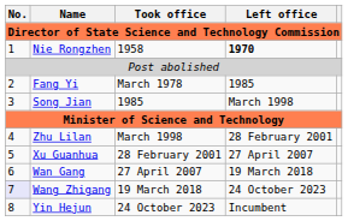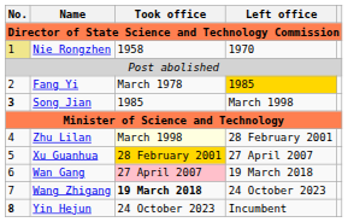 <table class="wikitable">
 <tr>
 <th>No.</th>
 <th>Name</th>
 <th>Took office</th>
 <th>Left office</th>
 <th></th>
 </tr>
 <tr>
 <td colspan="5" bgcolor="coral" align="center"><strong>Director of State Science and Technology Commission</strong></td>
 </tr>
 <tr>
-<td>1</td>
+<td style="background: khaki;">1</td>
 <td><a href='#'>Nie Rongzhen</a></td>
 <td>1958</td>
-<td><strong>1970</strong></td>
+<td>1970</td>
 <td></td>
 </tr>
 <tr>
 <td colspan="5" bgcolor="lightgrey" align="center"><em>Post abolished</em></td>
 </tr>
 <tr>
 <td>2</td>
 <td><a href='#'>Fang Yi</a></td>
 <td>March 1978</td>
-<td>1985</td>
+<td style="background: gold;">1985</td>
 <td></td>
 </tr>
 <tr>
-<td>3</td>
+<td><strong>3</strong></td>
 <td><a href='#'>Song Jian</a></td>
 <td>1985</td>
 <td>March 1998</td>
 <td></td>
 </tr>
 <tr>
 <td colspan="5" bgcolor="coral" align="center"><strong>Minister of Science and Technology</strong></td>
 </tr>
 <tr>
 <td>4</td>
 <td><a href='#'>Zhu Lilan</a></td>
-<td>March 1998</td>
+<td style="background: lightyellow;">March 1998</td>
 <td>28 February 2001</td>
 <td></td>
 </tr>
 <tr>
 <td>5</td>
 <td><a href='#'>Xu Guanhua</a></td>
-<td>28 February 2001</td>
+<td style="background: gold;">28 February 2001</td>
 <td>27 April 2007</td>
 <td></td>
 </tr>
 <tr>
 <td>6</td>
 <td><a href='#'>Wan Gang</a></td>
-<td>27 April 2007</td>
+<td style="background: pink;">27 April 2007</td>
 <td>19 March 2018</td>
 <td></td>
 </tr>
 <tr>
-<td style="background: lavender;">7</td>
+<td>7</td>
 <td><a href='#'>Wang Zhigang</a></td>
-<td>19 March 2018</td>
+<td><strong>19 March 2018</strong></td>
 <td>24 October 2023</td>
 <td></td>
 </tr>
 <tr>
-<td>8</td>
+<td><strong>8</strong></td>
 <td><a href='#'>Yin Hejun</a></td>
 <td>24 October 2023</td>
 <td>Incumbent</td>
 <td></td>
 </tr>
 </table>
